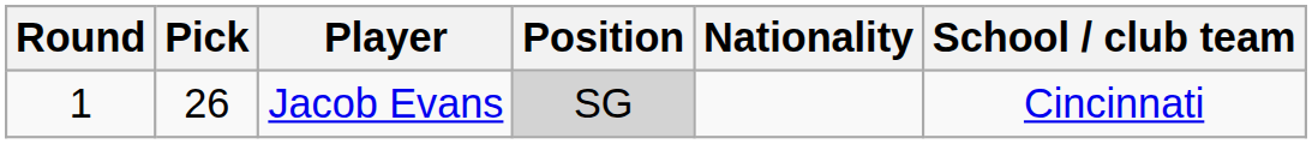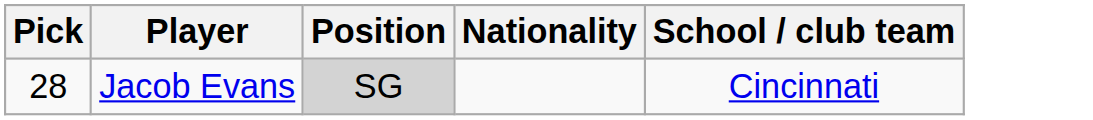 <table class="wikitable sortable sortable">
 <tr>
-<th>Round</th>
 <th>Pick</th>
 <th>Player</th>
 <th>Position</th>
 <th>Nationality</th>
 <th>School / club team</th>
 </tr>
 <tr style="text-align: center">
-<td>1</td>
-<td>26</td>
+<td>28</td>
 <td><a href='#'>Jacob Evans</a></td>
 <td style="background: lightgrey;">SG</td>
 <td></td>
 <td><a href='#'>Cincinnati</a></td>
 </tr>
 </table>
